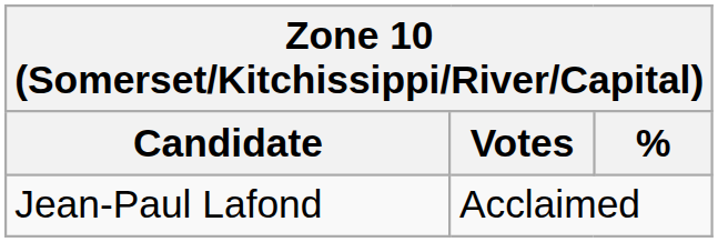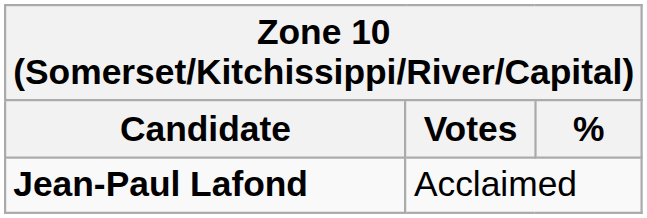 <table class="wikitable">
 <tr>
 <th colspan="3">Zone 10 (Somerset/Kitchissippi/River/Capital)</th>
 </tr>
 <tr>
 <th style="width: 170px">Candidate</th>
 <th style="width: 50px">Votes</th>
 <th style="width: 40px">%</th>
 </tr>
 <tr>
-<td>Jean-Paul Lafond</td>
+<td><strong>Jean-Paul Lafond</strong></td>
 <td colspan="2">Acclaimed</td>
 </tr>
 </table>
